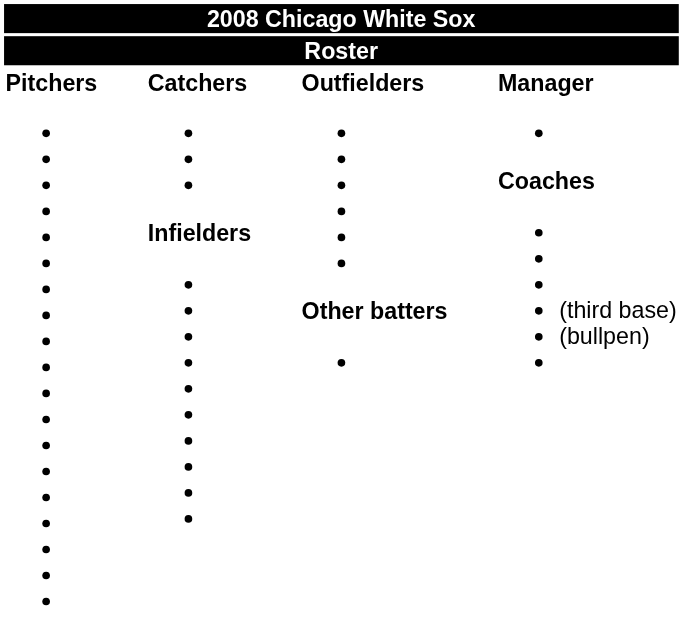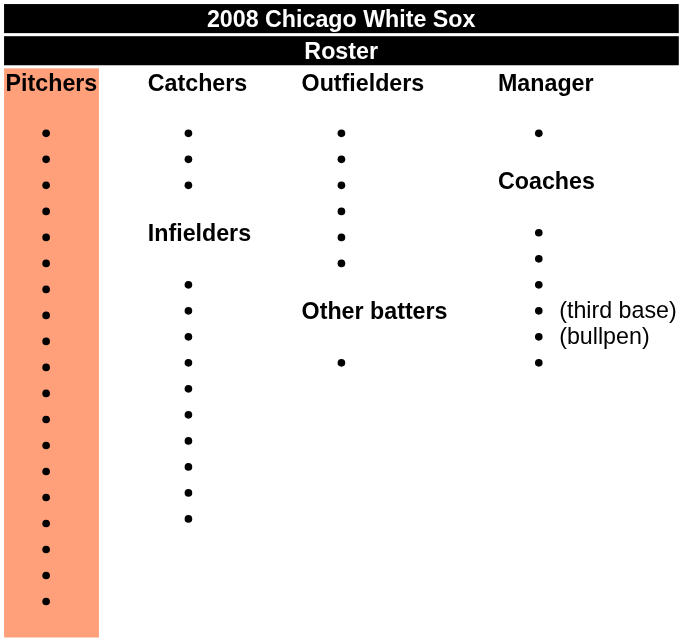 <table class="toccolours" style="font-size: 95%;">
 <tr>
 <th colspan="10" style="background-color: black; color: #FFFFFF; text-align: center;">2008 Chicago White Sox</th>
 </tr>
 <tr>
 <td colspan="10" style="background-color:black; color: white; text-align: center;"><strong>Roster</strong></td>
 </tr>
 <tr>
-<td valign="top"><strong>Pitchers</strong><br><ul><li></li><li></li><li></li><li></li><li></li><li></li><li></li><li></li><li></li><li></li><li></li><li></li><li></li><li></li><li></li><li></li><li></li><li></li><li></li></ul></td>
+<td valign="top" style="background: lightsalmon;"><strong>Pitchers</strong><br><ul><li></li><li></li><li></li><li></li><li></li><li></li><li></li><li></li><li></li><li></li><li></li><li></li><li></li><li></li><li></li><li></li><li></li><li></li><li></li></ul></td>
 <td width="25px"></td>
 <td valign="top"><strong>Catchers</strong><br><ul><li></li><li></li><li></li></ul><strong>Infielders</strong><ul><li></li><li></li><li></li><li></li><li></li><li></li><li></li><li></li><li></li><li></li></ul></td>
 <td width="25px"></td>
 <td valign="top"><strong>Outfielders</strong><br><ul><li></li><li></li><li></li><li></li><li></li><li></li></ul><strong>Other batters</strong><ul><li></li></ul></td>
 <td width="25px"></td>
 <td valign="top"><strong>Manager</strong><br><ul><li></li></ul><strong>Coaches</strong><ul><li></li><li></li><li></li><li> (third base)</li><li> (bullpen)</li><li></li></ul></td>
 </tr>
 </table>
